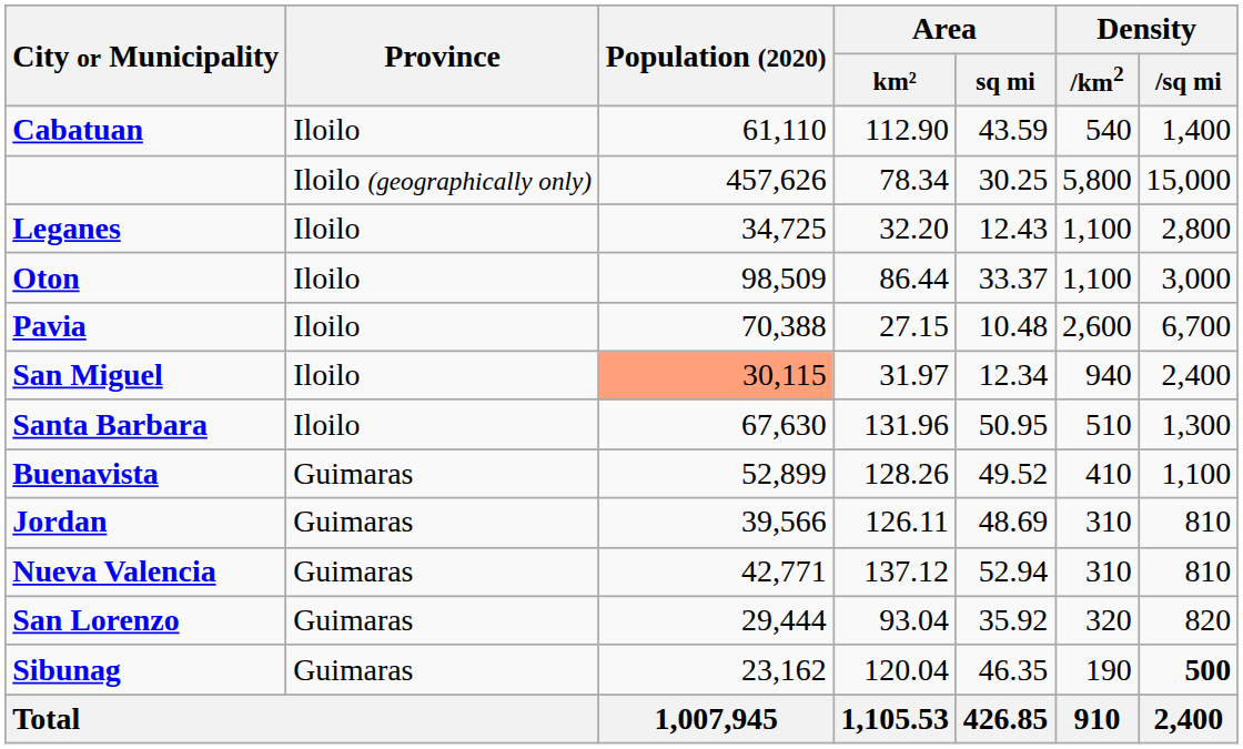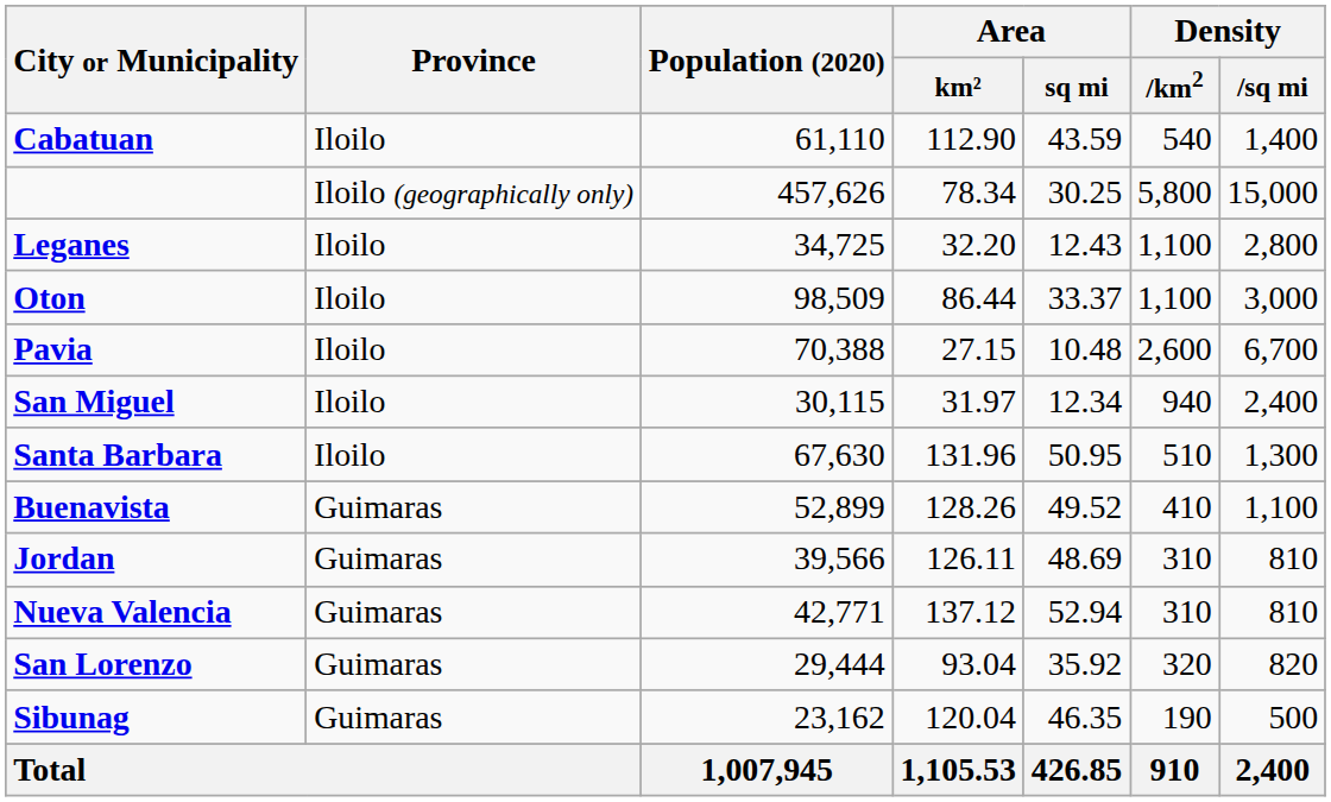 <table class="wikitable sortable" style="text-align:right;">
 <tr>
 <th rowspan="2">City <small>or</small> Municipality</th>
 <th rowspan="2">Province</th>
 <th rowspan="2">Population <small>(2020)</small></th>
 <th colspan="2">Area</th>
 <th colspan="2">Density</th>
 </tr>
 <tr>
 <th><small>km²</small></th>
 <th><small>sq mi</small></th>
 <th><small>/km<sup>2</sup></small></th>
 <th><small>/sq mi</small></th>
 </tr>
 <tr>
 <td scope="row" style="text-align:left;"><a href='#'><strong>Cabatuan</strong></a></td>
 <td scope="row" style="text-align:left;">Iloilo</td>
 <td>61,110</td>
 <td>112.90</td>
 <td>43.59</td>
 <td>540</td>
 <td>1,400</td>
 </tr>
 <tr>
 <td scope="row" style="text-align:left;"></td>
 <td scope="row" style="text-align:left;">Iloilo <small><em>(geographically only)</em></small></td>
 <td>457,626</td>
 <td>78.34</td>
 <td>30.25</td>
 <td>5,800</td>
 <td>15,000</td>
 </tr>
 <tr>
 <td scope="row" style="text-align:left;"><a href='#'><strong>Leganes</strong></a></td>
 <td scope="row" style="text-align:left;">Iloilo</td>
 <td>34,725</td>
 <td>32.20</td>
 <td>12.43</td>
 <td>1,100</td>
 <td>2,800</td>
 </tr>
 <tr>
 <td scope="row" style="text-align:left;"><a href='#'><strong>Oton</strong></a></td>
 <td scope="row" style="text-align:left;">Iloilo</td>
 <td>98,509</td>
 <td>86.44</td>
 <td>33.37</td>
 <td>1,100</td>
 <td>3,000</td>
 </tr>
 <tr>
 <td scope="row" style="text-align:left;"><a href='#'><strong>Pavia</strong></a></td>
 <td scope="row" style="text-align:left;">Iloilo</td>
 <td>70,388</td>
 <td>27.15</td>
 <td>10.48</td>
 <td>2,600</td>
 <td>6,700</td>
 </tr>
 <tr>
 <td scope="row" style="text-align:left;"><a href='#'><strong>San Miguel</strong></a></td>
 <td scope="row" style="text-align:left;">Iloilo</td>
-<td style="background: lightsalmon;">30,115</td>
+<td>30,115</td>
 <td>31.97</td>
 <td>12.34</td>
 <td>940</td>
 <td>2,400</td>
 </tr>
 <tr>
 <td scope="row" style="text-align:left;"><a href='#'><strong>Santa Barbara</strong></a></td>
 <td scope="row" style="text-align:left;">Iloilo</td>
 <td>67,630</td>
 <td>131.96</td>
 <td>50.95</td>
 <td>510</td>
 <td>1,300</td>
 </tr>
 <tr>
 <td scope="row" style="text-align:left;"><a href='#'><strong>Buenavista</strong></a></td>
 <td scope="row" style="text-align:left;">Guimaras</td>
 <td>52,899</td>
 <td>128.26</td>
 <td>49.52</td>
 <td>410</td>
 <td>1,100</td>
 </tr>
 <tr>
 <td scope="row" style="text-align:left;"><a href='#'><strong>Jordan</strong></a></td>
 <td scope="row" style="text-align:left;">Guimaras</td>
 <td>39,566</td>
 <td>126.11</td>
 <td>48.69</td>
 <td>310</td>
 <td>810</td>
 </tr>
 <tr>
 <td scope="row" style="text-align:left;"><a href='#'><strong>Nueva Valencia</strong></a></td>
 <td scope="row" style="text-align:left;">Guimaras</td>
 <td>42,771</td>
 <td>137.12</td>
 <td>52.94</td>
 <td>310</td>
 <td>810</td>
 </tr>
 <tr>
 <td scope="row" style="text-align:left;"><a href='#'><strong>San Lorenzo</strong></a></td>
 <td scope="row" style="text-align:left;">Guimaras</td>
 <td>29,444</td>
 <td>93.04</td>
 <td>35.92</td>
 <td>320</td>
 <td>820</td>
 </tr>
 <tr>
 <td scope="row" style="text-align:left;"><a href='#'><strong>Sibunag</strong></a></td>
 <td scope="row" style="text-align:left;">Guimaras</td>
 <td>23,162</td>
 <td>120.04</td>
 <td>46.35</td>
 <td>190</td>
-<td><strong>500</strong></td>
+<td>500</td>
 </tr>
 <tr>
 <th colspan="2" style="text-align:left;">Total</th>
 <th>1,007,945</th>
 <th>1,105.53</th>
 <th>426.85</th>
 <th>910</th>
 <th>2,400</th>
 </tr>
 </table>
